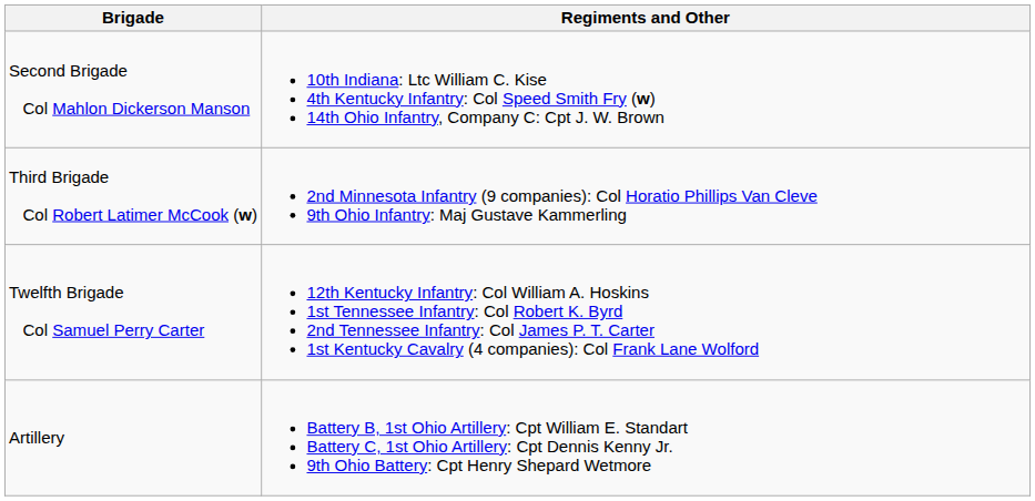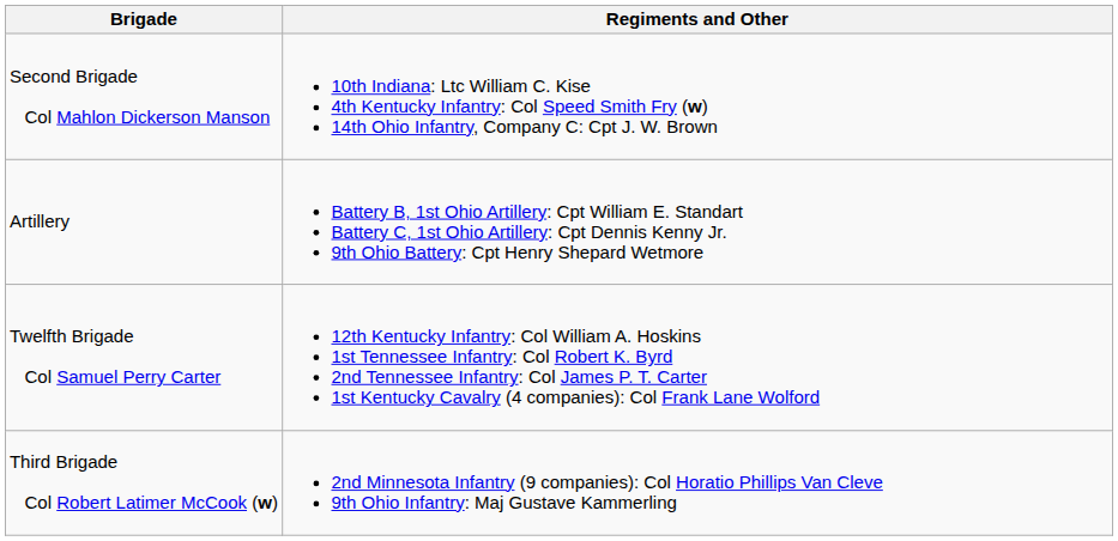 <table class="wikitable">
 <tr>
 <th width=25%>Brigade</th>
 <th>Regiments and Other</th>
 </tr>
 <tr>
 <td>Second Brigade<br><br>   Col <a href='#'>Mahlon Dickerson Manson</a></td>
 <td><br><ul><li><a href='#'>10th Indiana</a>: Ltc William C. Kise</li><li><a href='#'>4th Kentucky Infantry</a>: Col <a href='#'>Speed Smith Fry</a> (<strong>w</strong>)</li><li><a href='#'>14th Ohio Infantry</a>, Company C: Cpt J. W. Brown</li></ul></td>
 </tr>
 <tr>
-<td>Third Brigade<br><br>   Col <a href='#'>Robert Latimer McCook</a> (<strong>w</strong>)</td>
-<td><br><ul><li><a href='#'>2nd Minnesota Infantry</a> (9 companies): Col <a href='#'>Horatio Phillips Van Cleve</a></li><li><a href='#'>9th Ohio Infantry</a>: Maj Gustave Kammerling</li></ul></td>
+<td>Artillery</td>
+<td><br><ul><li><a href='#'>Battery B, 1st Ohio Artillery</a>: Cpt William E. Standart</li><li><a href='#'>Battery C, 1st Ohio Artillery</a>: Cpt Dennis Kenny Jr.</li><li><a href='#'>9th Ohio Battery</a>: Cpt Henry Shepard Wetmore</li></ul></td>
 </tr>
 <tr>
 <td>Twelfth Brigade<br><br>   Col <a href='#'>Samuel Perry Carter</a></td>
 <td><br><ul><li><a href='#'>12th Kentucky Infantry</a>: Col William A. Hoskins</li><li><a href='#'>1st Tennessee Infantry</a>: Col <a href='#'>Robert K. Byrd</a></li><li><a href='#'>2nd Tennessee Infantry</a>: Col <a href='#'>James P. T. Carter</a></li><li><a href='#'>1st Kentucky Cavalry</a> (4 companies): Col <a href='#'>Frank Lane Wolford</a></li></ul></td>
 </tr>
 <tr>
-<td>Artillery</td>
-<td><br><ul><li><a href='#'>Battery B, 1st Ohio Artillery</a>: Cpt William E. Standart</li><li><a href='#'>Battery C, 1st Ohio Artillery</a>: Cpt Dennis Kenny Jr.</li><li><a href='#'>9th Ohio Battery</a>: Cpt Henry Shepard Wetmore</li></ul></td>
+<td>Third Brigade<br><br>   Col <a href='#'>Robert Latimer McCook</a> (<strong>w</strong>)</td>
+<td><br><ul><li><a href='#'>2nd Minnesota Infantry</a> (9 companies): Col <a href='#'>Horatio Phillips Van Cleve</a></li><li><a href='#'>9th Ohio Infantry</a>: Maj Gustave Kammerling</li></ul></td>
 </tr>
 </table>
